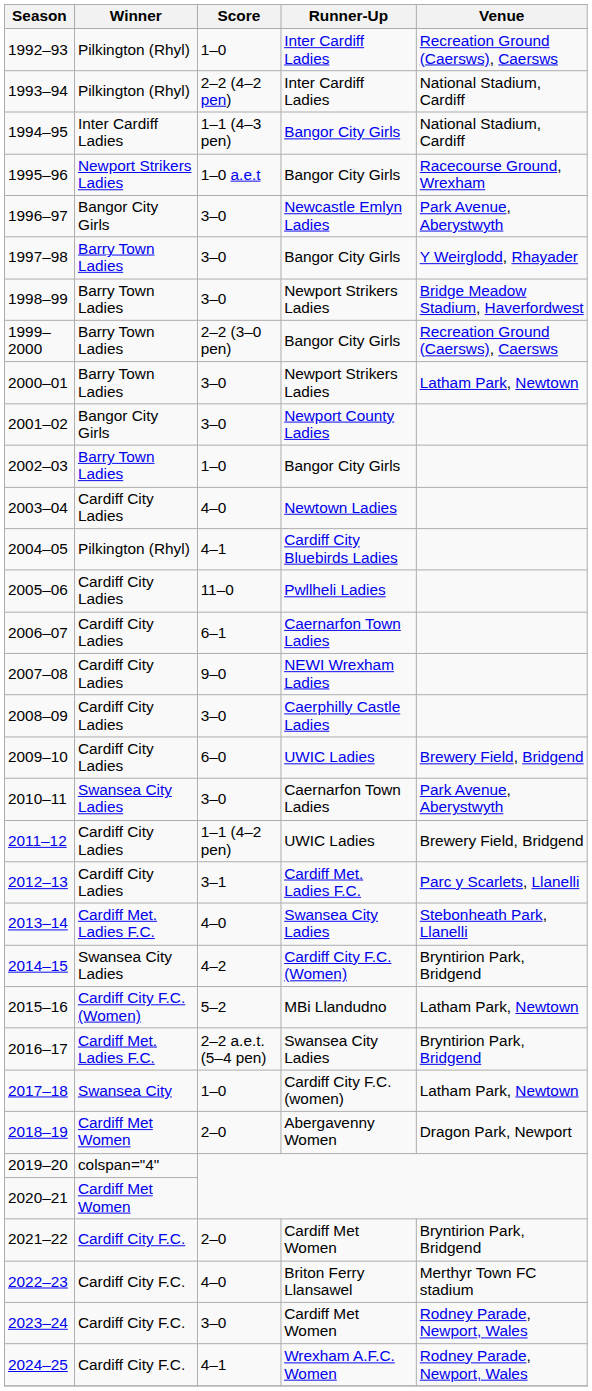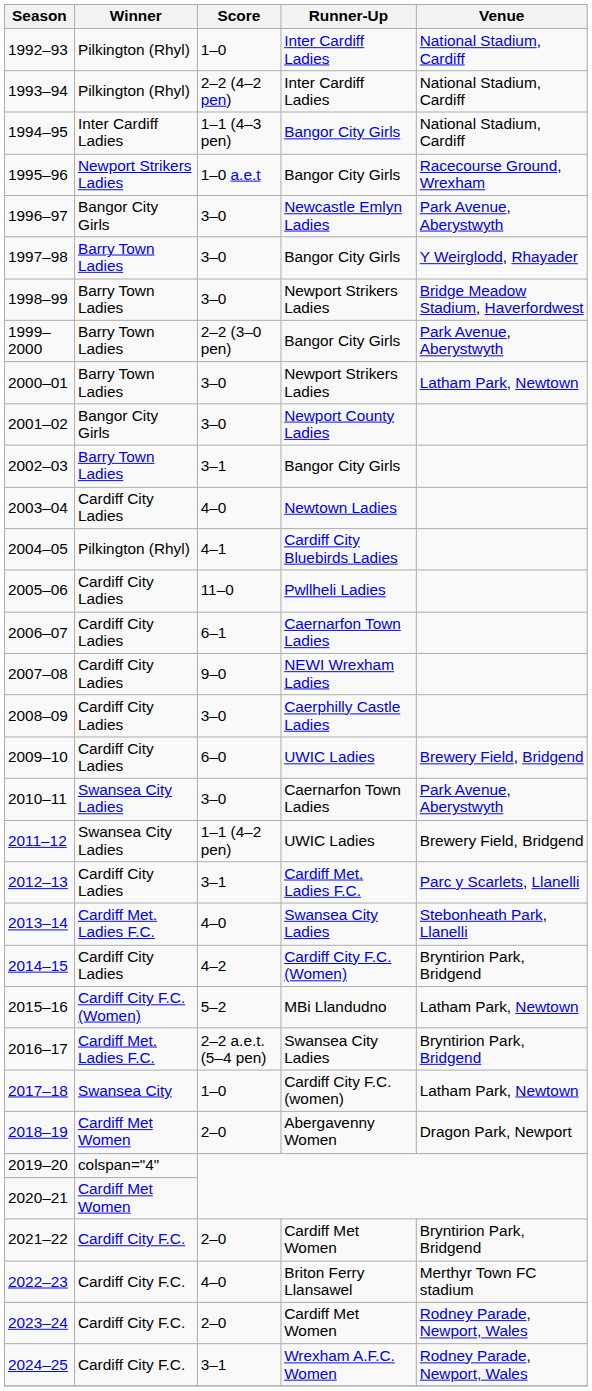 <table class="wikitable sortable">
 <tr>
 <th>Season</th>
 <th>Winner</th>
 <th>Score</th>
 <th>Runner-Up</th>
 <th>Venue</th>
 </tr>
 <tr>
 <td>1992–93</td>
 <td>Pilkington (Rhyl)</td>
 <td>1–0</td>
 <td><a href='#'>Inter Cardiff Ladies</a></td>
-<td><a href='#'>Recreation Ground (Caersws)</a>, <a href='#'>Caersws</a></td>
+<td><a href='#'>National Stadium</a>, <a href='#'>Cardiff</a></td>
 </tr>
 <tr>
 <td>1993–94</td>
 <td>Pilkington (Rhyl)</td>
 <td>2–2 (4–2 <a href='#'>pen</a>)</td>
 <td>Inter Cardiff Ladies</td>
 <td>National Stadium, Cardiff</td>
 </tr>
 <tr>
 <td>1994–95</td>
 <td>Inter Cardiff Ladies</td>
 <td>1–1 (4–3 pen)</td>
 <td><a href='#'>Bangor City Girls</a></td>
 <td>National Stadium, Cardiff</td>
 </tr>
 <tr>
 <td>1995–96</td>
 <td><a href='#'>Newport Strikers Ladies</a></td>
 <td>1–0 <a href='#'>a.e.t</a></td>
 <td>Bangor City Girls</td>
 <td><a href='#'>Racecourse Ground</a>, <a href='#'>Wrexham</a></td>
 </tr>
 <tr>
 <td>1996–97</td>
 <td>Bangor City Girls</td>
 <td>3–0</td>
 <td><a href='#'>Newcastle Emlyn Ladies</a></td>
 <td><a href='#'>Park Avenue</a>, <a href='#'>Aberystwyth</a></td>
 </tr>
 <tr>
 <td>1997–98</td>
 <td><a href='#'>Barry Town Ladies</a></td>
 <td>3–0</td>
 <td>Bangor City Girls</td>
 <td><a href='#'>Y Weirglodd</a>, <a href='#'>Rhayader</a></td>
 </tr>
 <tr>
 <td>1998–99</td>
 <td>Barry Town Ladies</td>
 <td>3–0</td>
 <td>Newport Strikers Ladies</td>
 <td><a href='#'>Bridge Meadow Stadium</a>, <a href='#'>Haverfordwest</a></td>
 </tr>
 <tr>
 <td>1999–2000</td>
 <td>Barry Town Ladies</td>
 <td>2–2 (3–0 pen)</td>
 <td>Bangor City Girls</td>
-<td><a href='#'>Recreation Ground (Caersws)</a>, <a href='#'>Caersws</a></td>
+<td><a href='#'>Park Avenue</a>, <a href='#'>Aberystwyth</a></td>
 </tr>
 <tr>
 <td>2000–01</td>
 <td>Barry Town Ladies</td>
 <td>3–0</td>
 <td>Newport Strikers Ladies</td>
 <td><a href='#'>Latham Park</a>, <a href='#'>Newtown</a></td>
 </tr>
 <tr>
 <td>2001–02</td>
 <td>Bangor City Girls</td>
 <td>3–0</td>
 <td><a href='#'>Newport County Ladies</a></td>
 <td></td>
 </tr>
 <tr>
 <td>2002–03</td>
 <td><a href='#'>Barry Town Ladies</a></td>
-<td>1–0</td>
+<td>3–1</td>
 <td>Bangor City Girls</td>
 <td></td>
 </tr>
 <tr>
 <td>2003–04</td>
 <td>Cardiff City Ladies</td>
 <td>4–0</td>
 <td><a href='#'>Newtown Ladies</a></td>
 <td></td>
 </tr>
 <tr>
 <td>2004–05</td>
 <td>Pilkington (Rhyl)</td>
 <td>4–1</td>
 <td><a href='#'>Cardiff City Bluebirds Ladies</a></td>
 <td></td>
 </tr>
 <tr>
 <td>2005–06</td>
 <td>Cardiff City Ladies</td>
 <td>11–0</td>
 <td><a href='#'>Pwllheli Ladies</a></td>
 <td></td>
 </tr>
 <tr>
 <td>2006–07</td>
 <td>Cardiff City Ladies</td>
 <td>6–1</td>
 <td><a href='#'>Caernarfon Town Ladies</a></td>
 <td></td>
 </tr>
 <tr>
 <td>2007–08</td>
 <td>Cardiff City Ladies</td>
 <td>9–0</td>
 <td><a href='#'>NEWI Wrexham Ladies</a></td>
 <td></td>
 </tr>
 <tr>
 <td>2008–09</td>
 <td>Cardiff City Ladies</td>
 <td>3–0</td>
 <td><a href='#'>Caerphilly Castle Ladies</a></td>
 <td></td>
 </tr>
 <tr>
 <td>2009–10</td>
 <td>Cardiff City Ladies</td>
 <td>6–0</td>
 <td><a href='#'>UWIC Ladies</a></td>
 <td><a href='#'>Brewery Field</a>, <a href='#'>Bridgend</a></td>
 </tr>
 <tr>
 <td>2010–11</td>
 <td><a href='#'>Swansea City Ladies</a></td>
 <td>3–0</td>
 <td>Caernarfon Town Ladies</td>
 <td><a href='#'>Park Avenue</a>, <a href='#'>Aberystwyth</a></td>
 </tr>
 <tr>
 <td><a href='#'>2011–12</a></td>
-<td>Cardiff City Ladies</td>
+<td>Swansea City Ladies</td>
 <td>1–1 (4–2 pen)</td>
 <td>UWIC Ladies</td>
 <td>Brewery Field, Bridgend</td>
 </tr>
 <tr>
 <td><a href='#'>2012–13</a></td>
 <td>Cardiff City Ladies</td>
 <td>3–1</td>
 <td><a href='#'>Cardiff Met. Ladies F.C.</a></td>
 <td><a href='#'>Parc y Scarlets</a>, <a href='#'>Llanelli</a></td>
 </tr>
 <tr>
 <td><a href='#'>2013–14</a></td>
 <td><a href='#'>Cardiff Met. Ladies F.C.</a></td>
 <td>4–0</td>
 <td><a href='#'>Swansea City Ladies</a></td>
 <td><a href='#'>Stebonheath Park</a>, <a href='#'>Llanelli</a></td>
 </tr>
 <tr>
 <td><a href='#'>2014–15</a></td>
-<td>Swansea City Ladies</td>
+<td>Cardiff City Ladies</td>
 <td>4–2</td>
 <td><a href='#'>Cardiff City F.C. (Women)</a></td>
 <td>Bryntirion Park, Bridgend</td>
 </tr>
 <tr>
 <td>2015–16</td>
 <td><a href='#'>Cardiff City F.C. (Women)</a></td>
 <td>5–2</td>
 <td>MBi Llandudno</td>
 <td>Latham Park, <a href='#'>Newtown</a></td>
 </tr>
 <tr>
 <td>2016–17</td>
 <td><a href='#'>Cardiff Met. Ladies F.C.</a></td>
 <td>2–2 a.e.t. (5–4 pen)</td>
 <td>Swansea City Ladies</td>
 <td>Bryntirion Park, <a href='#'>Bridgend</a></td>
 </tr>
 <tr>
 <td><a href='#'>2017–18</a></td>
 <td><a href='#'>Swansea City</a></td>
 <td>1–0</td>
 <td>Cardiff City F.C. (women)</td>
 <td>Latham Park, <a href='#'>Newtown</a></td>
 </tr>
 <tr>
 <td><a href='#'>2018–19</a></td>
 <td><a href='#'>Cardiff Met Women</a></td>
 <td>2–0</td>
 <td>Abergavenny Women</td>
 <td>Dragon Park, Newport</td>
 </tr>
 <tr>
 <td>2019–20</td>
 <td>colspan="4" </td>
 </tr>
 <tr>
 <td>2020–21</td>
 <td><a href='#'>Cardiff Met Women</a></td>
 </tr>
 <tr>
 <td>2021–22</td>
 <td><a href='#'>Cardiff City F.C.</a></td>
 <td>2–0</td>
 <td>Cardiff Met Women</td>
 <td>Bryntirion Park, Bridgend</td>
 </tr>
 <tr>
 <td><a href='#'>2022–23</a></td>
 <td>Cardiff City F.C.</td>
 <td>4–0</td>
 <td>Briton Ferry Llansawel</td>
 <td>Merthyr Town FC stadium</td>
 </tr>
 <tr>
 <td><a href='#'>2023–24</a></td>
 <td>Cardiff City F.C.</td>
-<td>3–0</td>
+<td>2–0</td>
 <td>Cardiff Met Women</td>
 <td><a href='#'>Rodney Parade</a>, <a href='#'>Newport, Wales</a></td>
 </tr>
 <tr>
 <td><a href='#'>2024–25</a></td>
 <td>Cardiff City F.C.</td>
-<td>4–1</td>
+<td>3–1</td>
 <td><a href='#'>Wrexham A.F.C. Women</a></td>
 <td><a href='#'>Rodney Parade</a>, <a href='#'>Newport, Wales</a></td>
 </tr>
 <tr>
 </tr>
 </table>
